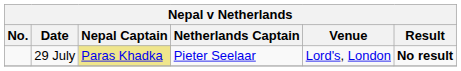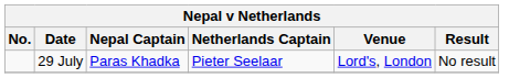 <table class="wikitable">
 <tr>
 <th colspan="9">Nepal v Netherlands</th>
 </tr>
 <tr>
 <th>No.</th>
 <th>Date</th>
 <th>Nepal Captain</th>
 <th>Netherlands Captain</th>
 <th>Venue</th>
 <th>Result</th>
 </tr>
 <tr>
 <td></td>
 <td>29 July</td>
-<td style="background: khaki;"><a href='#'>Paras Khadka</a></td>
+<td><a href='#'>Paras Khadka</a></td>
 <td><a href='#'>Pieter Seelaar</a></td>
 <td><a href='#'>Lord's</a>, <a href='#'>London</a></td>
-<td><strong>No result</strong></td>
+<td>No result</td>
 </tr>
 <tr>
 </tr>
 </table>
